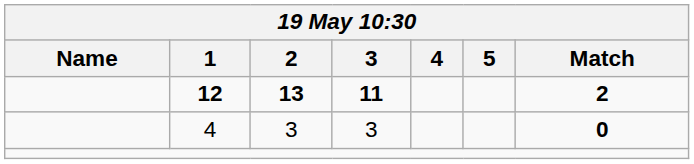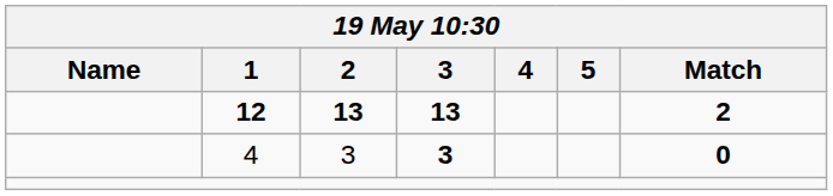 <table class=wikitable style="text-align:center; width: 55%">
 <tr>
 <th colspan=17><em>19 May 10:30</em></th>
 </tr>
 <tr>
 <th>Name</th>
 <th>1</th>
 <th>2</th>
 <th>3</th>
 <th>4</th>
 <th>5</th>
 <th>Match</th>
 </tr>
 <tr>
 <td style="text-align:left;"><strong></strong></td>
 <td><strong>12</strong></td>
 <td><strong>13</strong></td>
-<td><strong>11</strong></td>
+<td><strong>13</strong></td>
 <td></td>
 <td></td>
 <td><strong>2</strong></td>
 </tr>
 <tr>
 <td style="text-align:left;"></td>
 <td>4</td>
 <td>3</td>
-<td>3</td>
+<td><strong>3</strong></td>
 <td></td>
 <td></td>
 <td><strong>0</strong></td>
 </tr>
 <tr>
 <td colspan=17></td>
 </tr>
 </table>
